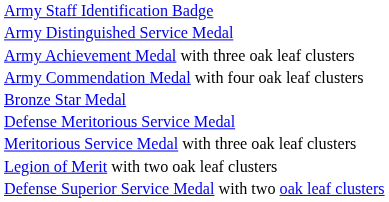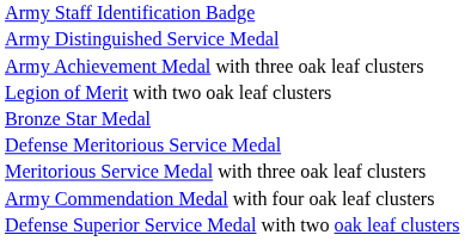 <table>
 <tr>
 <td> <a href='#'>Army Staff Identification Badge</a></td>
 </tr>
 <tr>
 <td><span></span><span></span> <a href='#'>Army Distinguished Service Medal</a></td>
 </tr>
 <tr>
 <td> <a href='#'>Army Achievement Medal</a> with three oak leaf clusters</td>
 </tr>
 <tr>
-<td><span></span><span></span> <a href='#'>Army Commendation Medal</a> with four oak leaf clusters</td>
+<td> <a href='#'>Legion of Merit</a> with two oak leaf clusters</td>
 </tr>
 <tr>
 <td> <a href='#'>Bronze Star Medal</a></td>
 </tr>
 <tr>
 <td> <a href='#'>Defense Meritorious Service Medal</a></td>
 </tr>
 <tr>
 <td><span></span><span></span><span></span><span></span> <a href='#'>Meritorious Service Medal</a> with three oak leaf clusters</td>
 </tr>
 <tr>
-<td> <a href='#'>Legion of Merit</a> with two oak leaf clusters</td>
+<td><span></span><span></span> <a href='#'>Army Commendation Medal</a> with four oak leaf clusters</td>
 </tr>
 <tr>
 <td> <a href='#'>Defense Superior Service Medal</a> with two <a href='#'>oak leaf clusters</a></td>
 </tr>
 </table>
